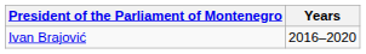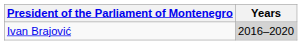 <table class=wikitable>
 <tr>
 <th><a href='#'>President of the Parliament of Montenegro</a></th>
 <th>Years</th>
 </tr>
 <tr>
 <td><a href='#'>Ivan Brajović</a></td>
-<td>2016–2020</td>
+<td style="background: lightgrey;">2016–2020</td>
 </tr>
 </table>
